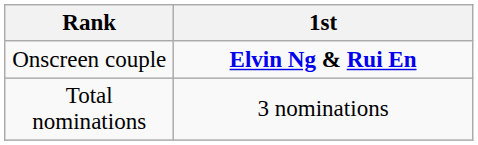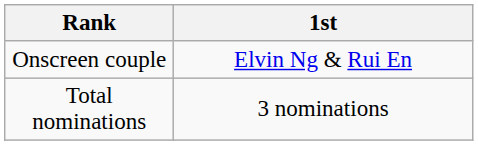 <table class="wikitable" border="1">
 <tr>
 <th width="110">Rank</th>
 <th width="200">1st</th>
 </tr>
 <tr align=center>
 <td>Onscreen couple</td>
-<td><strong><a href='#'>Elvin Ng</a> & <a href='#'>Rui En</a></strong></td>
+<td><a href='#'>Elvin Ng</a> & <a href='#'>Rui En</a></td>
 </tr>
 <tr align=center>
 <td>Total nominations</td>
 <td>3 nominations</td>
 </tr>
 </table>
